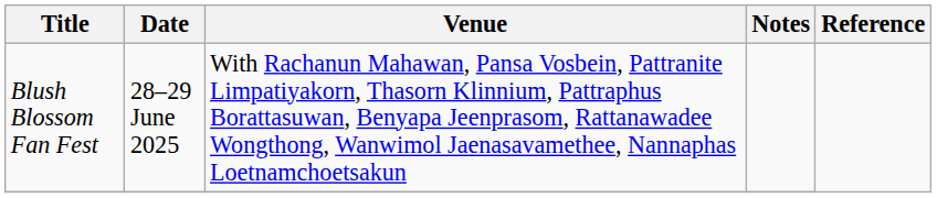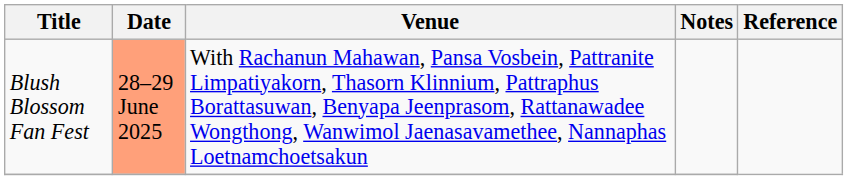 <table class="wikitable" style="text-align:left;">
 <tr>
 <th>Title</th>
 <th>Date</th>
 <th>Venue</th>
 <th>Notes</th>
 <th>Reference</th>
 </tr>
 <tr>
 <td><em>Blush Blossom Fan Fest</em></td>
-<td>28–29 June 2025</td>
+<td style="background: lightsalmon;">28–29 June 2025</td>
 <td>With <a href='#'>Rachanun Mahawan</a>, <a href='#'>Pansa Vosbein</a>, <a href='#'>Pattranite Limpatiyakorn</a>, <a href='#'>Thasorn Klinnium</a>, <a href='#'>Pattraphus Borattasuwan</a>, <a href='#'>Benyapa Jeenprasom</a>, <a href='#'>Rattanawadee Wongthong</a>,  <a href='#'>Wanwimol Jaenasavamethee</a>, <a href='#'>Nannaphas Loetnamchoetsakun</a></td>
 <td></td>
 </tr>
 <tr>
 </tr>
 </table>
